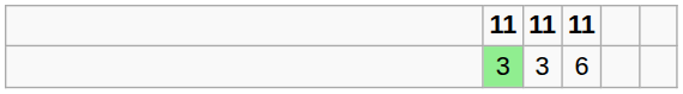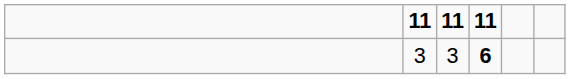 <table class="wikitable">
 <tr>
 <td style="width:18em"></td>
 <td align=center style="width:1em"><strong>11</strong></td>
 <td align=center style="width:1em"><strong>11</strong></td>
 <td align=center style="width:1em"><strong>11</strong></td>
 <td align=center style="width:1em"></td>
 <td align=center style="width:1em"></td>
 </tr>
 <tr>
 <td style="width:18em"></td>
-<td align=center style="background: lightgreen; width:1em">3</td>
 <td align=center style="width:1em">3</td>
-<td align=center style="width:1em">6</td>
+<td align=center style="width:1em">3</td>
+<td align=center style="width:1em"><strong>6</strong></td>
 <td align=center style="width:1em"></td>
 <td align=center style="width:1em"></td>
 </tr>
 </table>
